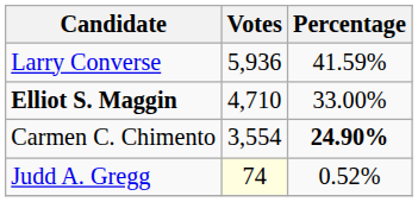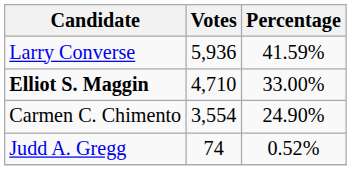 <table class="wikitable">
 <tr>
 <th>Candidate</th>
 <th>Votes</th>
 <th>Percentage</th>
 </tr>
 <tr>
 <td><a href='#'>Larry Converse</a></td>
 <td align="center">5,936</td>
 <td align="center">41.59%</td>
 </tr>
 <tr>
 <td><strong>Elliot S. Maggin</strong></td>
 <td align="center">4,710</td>
 <td align="center">33.00%</td>
 </tr>
 <tr>
 <td>Carmen C. Chimento</td>
 <td align="center">3,554</td>
-<td align="center"><strong>24.90%</strong></td>
+<td align="center">24.90%</td>
 </tr>
 <tr>
 <td><a href='#'>Judd A. Gregg</a></td>
-<td align="center" style="background: lightyellow;">74</td>
+<td align="center">74</td>
 <td align="center">0.52%</td>
 </tr>
 <tr>
 </tr>
 </table>
